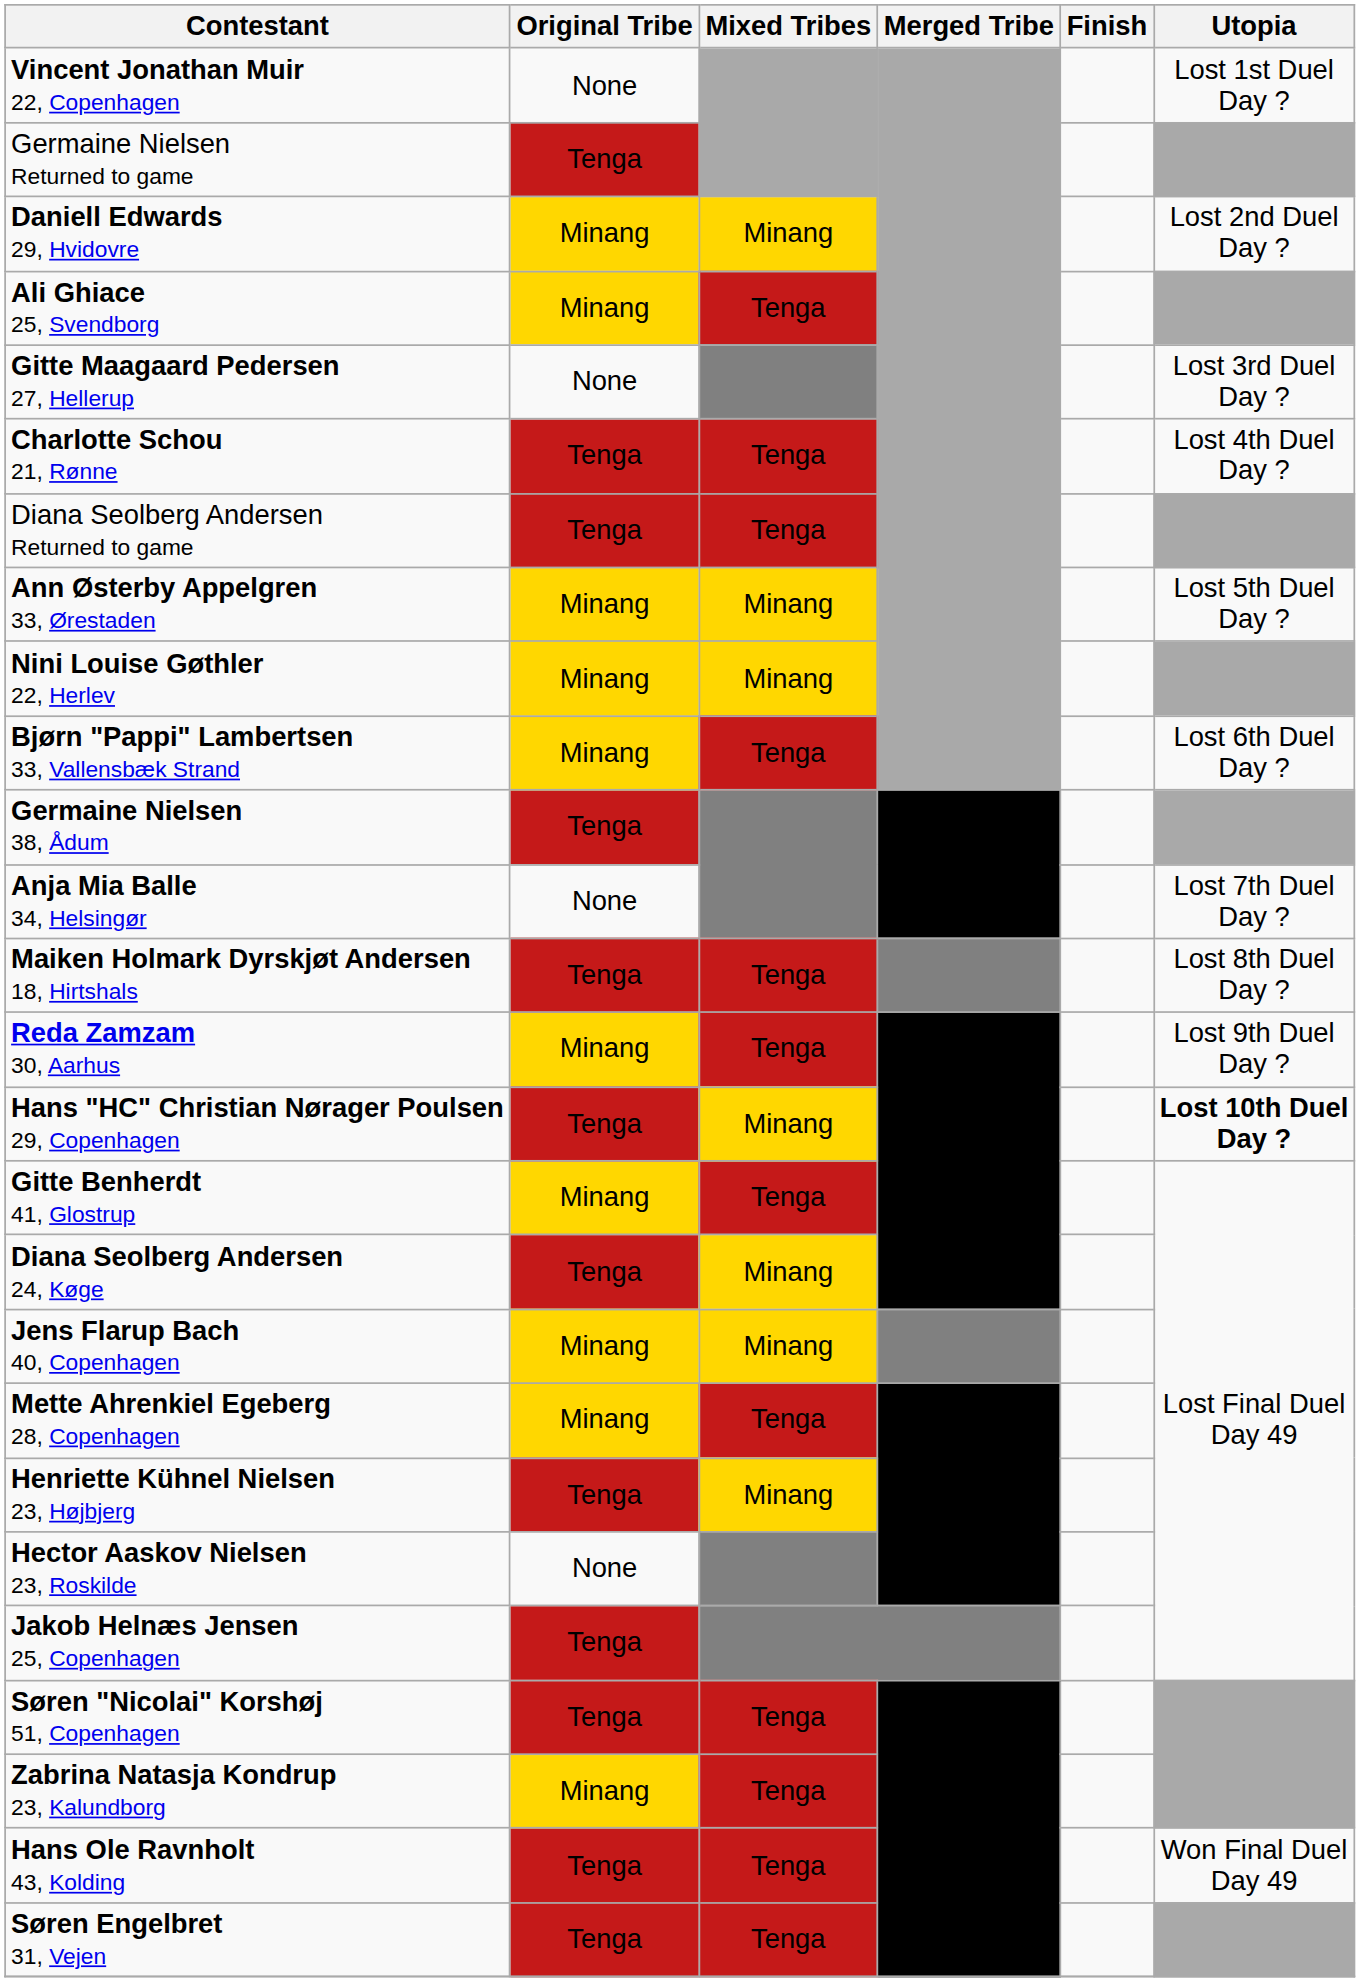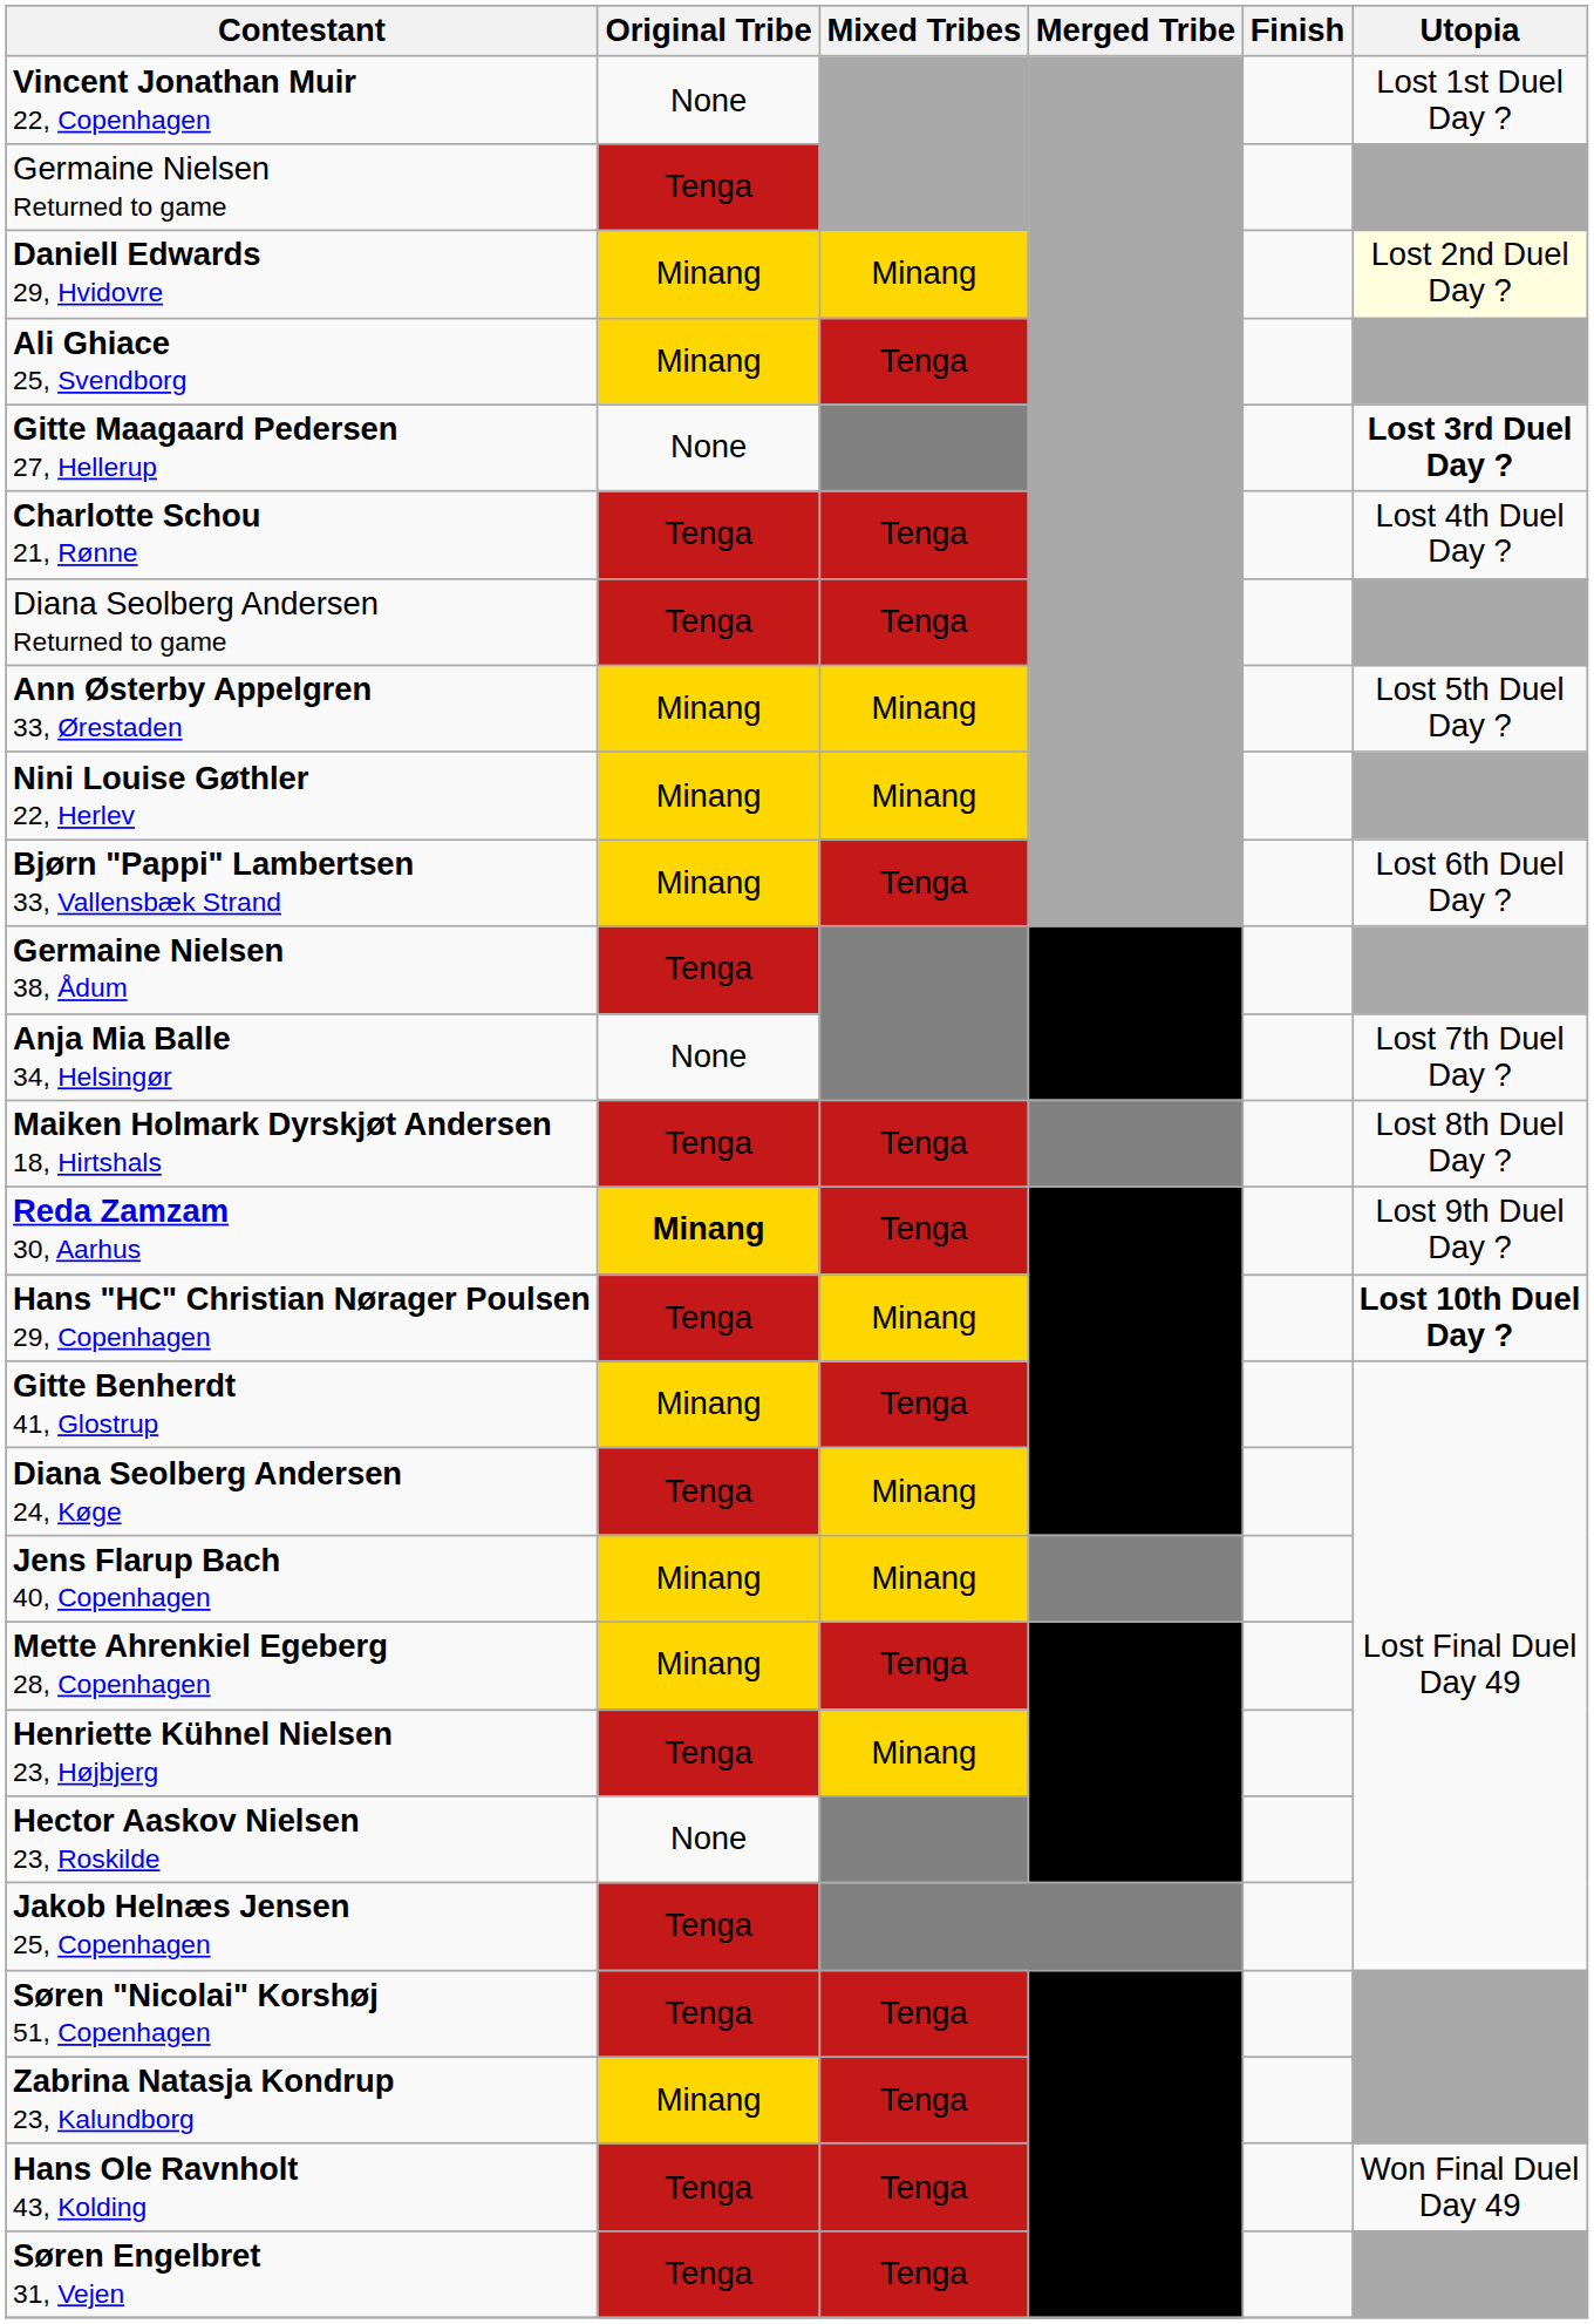 <table class="wikitable sortable" style="margin:auto; text-align:center">
 <tr>
 <th>Contestant</th>
 <th>Original Tribe</th>
 <th>Mixed Tribes</th>
 <th>Merged Tribe</th>
 <th>Finish</th>
 <th>Utopia</th>
 </tr>
 <tr>
 <td align="left"><strong>Vincent Jonathan Muir</strong><br><small>22, <a href='#'>Copenhagen</a></small></td>
 <td rowspan=1>None</td>
 <td bgcolor="darkgray" rowspan="2"></td>
 <td bgcolor="darkgray" rowspan="10"></td>
 <td></td>
 <td>Lost 1st Duel<br>Day ?</td>
 </tr>
 <tr>
 <td align="left">Germaine Nielsen<br><small>Returned to game</small></td>
 <td bgcolor="#C51919" align=center>Tenga</td>
 <td></td>
 <td bgcolor="darkgray"></td>
 </tr>
 <tr>
 <td align="left"><strong>Daniell Edwards</strong><br><small>29, <a href='#'>Hvidovre</a></small></td>
 <td bgcolor="gold" align=center>Minang</td>
 <td bgcolor="gold" align=center>Minang</td>
 <td></td>
-<td>Lost 2nd Duel<br>Day ?</td>
+<td style="background: lightyellow;">Lost 2nd Duel<br>Day ?</td>
 </tr>
 <tr>
 <td align="left"><strong>Ali Ghiace</strong><br><small>25, <a href='#'>Svendborg</a></small></td>
 <td bgcolor="gold" align=center>Minang</td>
 <td bgcolor="#C51919" align=center>Tenga</td>
 <td></td>
 <td bgcolor="darkgray"></td>
 </tr>
 <tr>
 <td align="left"><strong>Gitte Maagaard Pedersen</strong><br><small>27, <a href='#'>Hellerup</a></small></td>
 <td rowspan=1>None</td>
 <td align="center" bgcolor="gray"></td>
 <td></td>
-<td>Lost 3rd Duel<br>Day ?</td>
+<td><strong>Lost 3rd Duel<br>Day ?</strong></td>
 </tr>
 <tr>
 <td align="left"><strong>Charlotte Schou</strong><br><small>21, <a href='#'>Rønne</a></small></td>
 <td bgcolor="#C51919" align=center>Tenga</td>
 <td bgcolor="#C51919" align=center>Tenga</td>
 <td></td>
 <td>Lost 4th Duel<br>Day ?</td>
 </tr>
 <tr>
 <td align="left">Diana Seolberg Andersen<br><small>Returned to game</small></td>
 <td bgcolor="#C51919" align=center>Tenga</td>
 <td bgcolor="#C51919" align=center>Tenga</td>
 <td></td>
 <td bgcolor="darkgray"></td>
 </tr>
 <tr>
 <td align="left"><strong>Ann Østerby Appelgren</strong><br><small>33, <a href='#'>Ørestaden</a></small></td>
 <td bgcolor="gold" align=center>Minang</td>
 <td bgcolor="gold" align=center>Minang</td>
 <td></td>
 <td>Lost 5th Duel<br>Day ?</td>
 </tr>
 <tr>
 <td align="left"><strong>Nini Louise Gøthler</strong><br><small>22, <a href='#'>Herlev</a></small></td>
 <td bgcolor="gold" align=center>Minang</td>
 <td bgcolor="gold" align=center>Minang</td>
 <td></td>
 <td bgcolor="darkgray"></td>
 </tr>
 <tr>
 <td align="left"><strong>Bjørn "Pappi" Lambertsen</strong><br><small>33, <a href='#'>Vallensbæk Strand</a></small></td>
 <td bgcolor="gold" align=center>Minang</td>
 <td bgcolor="#C51919" align=center>Tenga</td>
 <td></td>
 <td>Lost 6th Duel<br>Day ?</td>
 </tr>
 <tr>
 <td align="left"><strong>Germaine Nielsen</strong><br><small>38, <a href='#'>Ådum</a></small></td>
 <td bgcolor="#C51919" align=center>Tenga</td>
 <td align="center" bgcolor="gray" rowspan=2></td>
 <td align=center bgcolor="black" rowspan=2><span>Robinson</span></td>
 <td></td>
 <td bgcolor="darkgray"></td>
 </tr>
 <tr>
 <td align="left"><strong>Anja Mia Balle</strong><br><small>34, <a href='#'>Helsingør</a></small></td>
 <td rowspan=1>None</td>
 <td></td>
 <td>Lost 7th Duel<br>Day ?</td>
 </tr>
 <tr>
 <td align="left"><strong>Maiken Holmark Dyrskjøt Andersen</strong><br><small>18, <a href='#'>Hirtshals</a></small></td>
 <td bgcolor="#C51919" align=center>Tenga</td>
 <td bgcolor="#C51919" align=center>Tenga</td>
 <td align="center" bgcolor="gray"></td>
 <td></td>
 <td>Lost 8th Duel<br>Day ?</td>
 </tr>
 <tr>
 <td align="left"><strong><a href='#'>Reda Zamzam</a></strong><br><small>30, <a href='#'>Aarhus</a></small></td>
-<td bgcolor="gold" align=center>Minang</td>
+<td bgcolor="gold" align=center><strong>Minang</strong></td>
 <td bgcolor="#C51919" align=center>Tenga</td>
 <td align=center bgcolor="black" rowspan=4><span>Robinson </span></td>
 <td></td>
 <td>Lost 9th Duel<br>Day ?</td>
 </tr>
 <tr>
 <td align="left"><strong>Hans "HC" Christian Nørager Poulsen</strong><br><small>29, <a href='#'>Copenhagen</a></small></td>
 <td bgcolor="#C51919" align=center>Tenga</td>
 <td bgcolor="gold" align=center>Minang</td>
 <td></td>
 <td><strong>Lost 10th Duel<br>Day ?</strong></td>
 </tr>
 <tr>
 <td align="left"><strong>Gitte Benherdt</strong><br><small>41, <a href='#'>Glostrup</a></small></td>
 <td bgcolor="gold" align=center>Minang</td>
 <td bgcolor="#C51919" align=center>Tenga</td>
 <td></td>
 <td rowspan=7>Lost Final Duel<br>Day 49</td>
 </tr>
 <tr>
 <td align="left"><strong>Diana Seolberg Andersen</strong><br><small>24, <a href='#'>Køge</a></small></td>
 <td bgcolor="#C51919" align=center>Tenga</td>
 <td bgcolor="gold" align=center>Minang</td>
 <td></td>
 </tr>
 <tr>
 <td align="left"><strong>Jens Flarup Bach</strong><br><small>40, <a href='#'>Copenhagen</a></small></td>
 <td bgcolor="gold" align=center>Minang</td>
 <td bgcolor="gold" align=center>Minang</td>
 <td align="center" bgcolor="gray"></td>
 <td></td>
 </tr>
 <tr>
 <td align="left"><strong>Mette Ahrenkiel Egeberg</strong><br><small>28, <a href='#'>Copenhagen</a></small></td>
 <td bgcolor="gold" align=center>Minang</td>
 <td bgcolor="#C51919" align=center>Tenga</td>
 <td align=center bgcolor="black" rowspan=3><span>Robinson</span></td>
 <td></td>
 </tr>
 <tr>
 <td align="left"><strong>Henriette Kühnel Nielsen</strong><br><small>23, <a href='#'>Højbjerg</a></small></td>
 <td bgcolor="#C51919" align=center>Tenga</td>
 <td bgcolor="gold" align=center>Minang</td>
 <td></td>
 </tr>
 <tr>
 <td align="left"><strong>Hector Aaskov Nielsen</strong><br><small>23, <a href='#'>Roskilde</a></small></td>
 <td rowspan=1>None</td>
 <td align="center" bgcolor="gray"></td>
 <td></td>
 </tr>
 <tr>
 <td align="left"><strong>Jakob Helnæs Jensen</strong><br><small>25, <a href='#'>Copenhagen</a></small></td>
 <td bgcolor="#C51919" align=center>Tenga</td>
 <td align="center" colspan=2 bgcolor="gray"></td>
 <td></td>
 </tr>
 <tr>
 <td align="left"><strong>Søren "Nicolai" Korshøj</strong><br><small>51, <a href='#'>Copenhagen</a></small></td>
 <td bgcolor="#C51919" align=center>Tenga</td>
 <td bgcolor="#C51919" align=center>Tenga</td>
 <td align=center bgcolor="black" rowspan=4><span>Robinson</span></td>
 <td></td>
 <td rowspan=2 bgcolor="darkgray"></td>
 </tr>
 <tr>
 <td align="left"><strong>Zabrina Natasja Kondrup</strong><br><small>23, <a href='#'>Kalundborg</a></small></td>
 <td bgcolor="gold" align=center>Minang</td>
 <td bgcolor="#C51919" align=center>Tenga</td>
 <td></td>
 </tr>
 <tr>
 <td align="left"><strong>Hans Ole Ravnholt</strong><br><small>43, <a href='#'>Kolding</a></small></td>
 <td bgcolor="#C51919" align=center>Tenga</td>
 <td bgcolor="#C51919" align=center>Tenga</td>
 <td></td>
 <td>Won Final Duel<br>Day 49</td>
 </tr>
 <tr>
 <td align="left"><strong>Søren Engelbret</strong><br><small>31, <a href='#'>Vejen</a></small></td>
 <td bgcolor="#C51919" align=center>Tenga</td>
 <td bgcolor="#C51919" align=center>Tenga</td>
 <td></td>
 <td bgcolor="darkgray"></td>
 </tr>
 <tr>
 </tr>
 </table>
